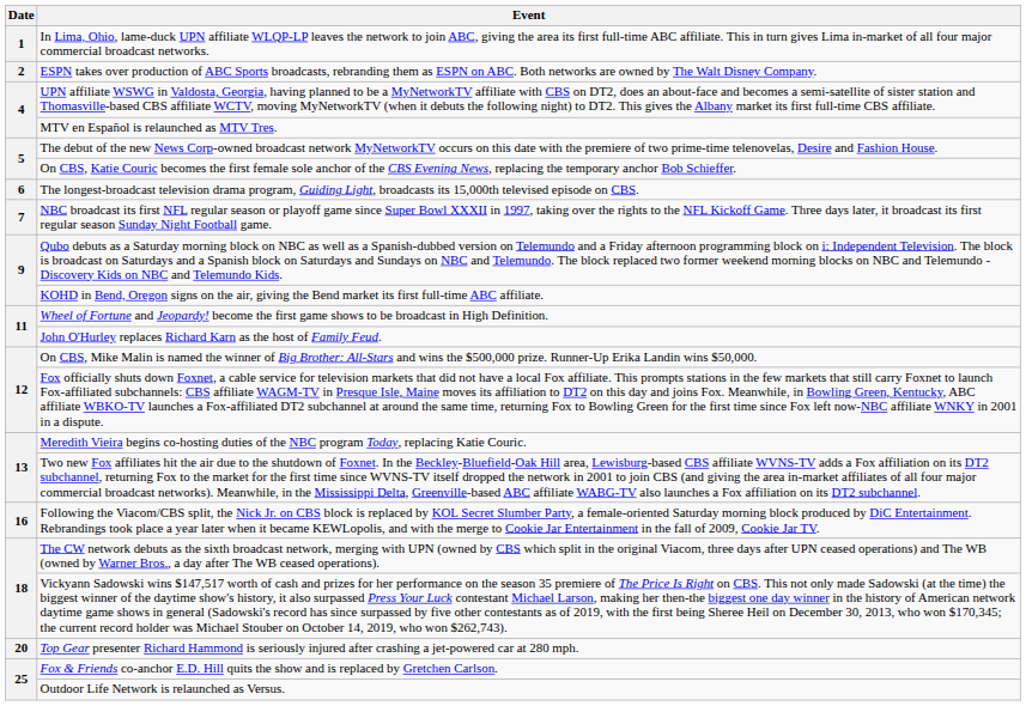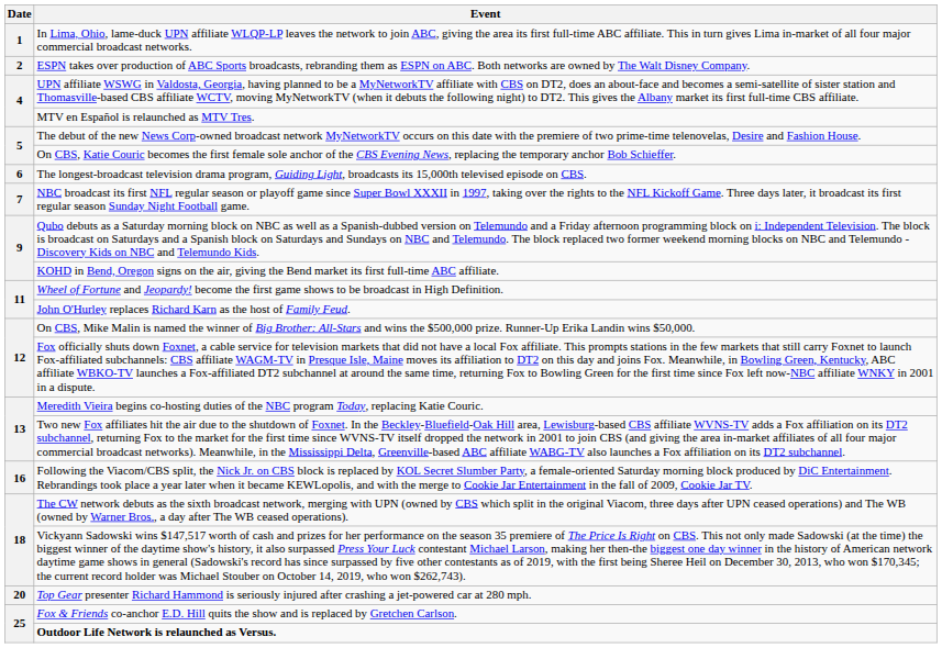 <table class="wikitable">
 <tr>
 <th>Date</th>
 <th>Event</th>
 </tr>
 <tr>
 <th>1</th>
 <td>In <a href='#'>Lima, Ohio</a>, lame-duck <a href='#'>UPN</a> affiliate <a href='#'>WLQP-LP</a> leaves the network to join <a href='#'>ABC</a>, giving the area its first full-time ABC affiliate. This in turn gives Lima in-market of all four major commercial broadcast networks.</td>
 </tr>
 <tr>
 <th>2</th>
 <td><a href='#'>ESPN</a> takes over production of <a href='#'>ABC Sports</a> broadcasts, rebranding them as <a href='#'>ESPN on ABC</a>. Both networks are owned by <a href='#'>The Walt Disney Company</a>.</td>
 </tr>
 <tr>
 <th rowspan="2">4</th>
 <td><a href='#'>UPN</a> affiliate <a href='#'>WSWG</a> in <a href='#'>Valdosta, Georgia</a>, having planned to be a <a href='#'>MyNetworkTV</a> affiliate with <a href='#'>CBS</a> on DT2, does an about-face and becomes a semi-satellite of sister station and <a href='#'>Thomasville</a>-based CBS affiliate <a href='#'>WCTV</a>, moving MyNetworkTV (when it debuts the following night) to DT2. This gives the <a href='#'>Albany</a> market its first full-time CBS affiliate.</td>
 </tr>
 <tr>
 <td>MTV en Español is relaunched as <a href='#'>MTV Tres</a>.</td>
 </tr>
 <tr>
 <th rowspan="2">5</th>
 <td>The debut of the new <a href='#'>News Corp</a>-owned broadcast network <a href='#'>MyNetworkTV</a> occurs on this date with the premiere of two prime-time telenovelas, <a href='#'>Desire</a> and <a href='#'>Fashion House</a>.</td>
 </tr>
 <tr>
 <td>On <a href='#'>CBS</a>, <a href='#'>Katie Couric</a> becomes the first female sole anchor of the <em><a href='#'>CBS Evening News</a></em>, replacing the temporary anchor <a href='#'>Bob Schieffer</a>.</td>
 </tr>
 <tr>
 <th>6</th>
 <td>The longest-broadcast television drama program, <em><a href='#'>Guiding Light</a></em>, broadcasts its 15,000th televised episode on <a href='#'>CBS</a>.</td>
 </tr>
 <tr>
 <th>7</th>
 <td><a href='#'>NBC</a> broadcast its first <a href='#'>NFL</a> regular season or playoff game since <a href='#'>Super Bowl XXXII</a> in <a href='#'>1997</a>, taking over the rights to the <a href='#'>NFL Kickoff Game</a>. Three days later, it broadcast its first regular season <a href='#'>Sunday Night Football</a> game.</td>
 </tr>
 <tr>
 <th rowspan="2">9</th>
 <td><a href='#'>Qubo</a> debuts as a Saturday morning block on NBC as well as a Spanish-dubbed version on <a href='#'>Telemundo</a> and a Friday afternoon programming block on <a href='#'>i: Independent Television</a>. The block is broadcast on Saturdays and a Spanish block on Saturdays and Sundays on <a href='#'>NBC</a> and <a href='#'>Telemundo</a>. The block replaced two former weekend morning blocks on NBC and Telemundo - <a href='#'>Discovery Kids on NBC</a> and <a href='#'>Telemundo Kids</a>.</td>
 </tr>
 <tr>
 <td><a href='#'>KOHD</a> in <a href='#'>Bend, Oregon</a> signs on the air, giving the Bend market its first full-time <a href='#'>ABC</a> affiliate.</td>
 </tr>
 <tr>
 <th rowspan="2">11</th>
 <td><em><a href='#'>Wheel of Fortune</a></em> and <em><a href='#'>Jeopardy!</a></em> become the first game shows to be broadcast in High Definition.</td>
 </tr>
 <tr>
 <td><a href='#'>John O'Hurley</a> replaces <a href='#'>Richard Karn</a> as the host of <em><a href='#'>Family Feud</a></em>.</td>
 </tr>
 <tr>
 <th rowspan="2">12</th>
 <td>On <a href='#'>CBS</a>, Mike Malin is named the winner of <em><a href='#'>Big Brother: All-Stars</a></em> and wins the $500,000 prize. Runner-Up Erika Landin wins $50,000.</td>
 </tr>
 <tr>
 <td><a href='#'>Fox</a> officially shuts down <a href='#'>Foxnet</a>, a cable service for television markets that did not have a local Fox affiliate. This prompts stations in the few markets that still carry Foxnet to launch Fox-affiliated subchannels: <a href='#'>CBS</a> affiliate <a href='#'>WAGM-TV</a> in <a href='#'>Presque Isle, Maine</a> moves its affiliation to <a href='#'>DT2</a> on this day and joins Fox. Meanwhile, in <a href='#'>Bowling Green, Kentucky</a>, ABC affiliate <a href='#'>WBKO-TV</a> launches a Fox-affiliated DT2 subchannel at around the same time, returning Fox to Bowling Green for the first time since Fox left now-<a href='#'>NBC</a> affiliate <a href='#'>WNKY</a> in 2001 in a dispute.</td>
 </tr>
 <tr>
 <th rowspan="2">13</th>
 <td><a href='#'>Meredith Vieira</a> begins co-hosting duties of the <a href='#'>NBC</a> program <em><a href='#'>Today</a></em>, replacing Katie Couric.</td>
 </tr>
 <tr>
 <td>Two new <a href='#'>Fox</a> affiliates hit the air due to the shutdown of <a href='#'>Foxnet</a>. In the <a href='#'>Beckley</a>-<a href='#'>Bluefield</a>-<a href='#'>Oak Hill</a> area, <a href='#'>Lewisburg</a>-based <a href='#'>CBS</a> affiliate <a href='#'>WVNS-TV</a> adds a Fox affiliation on its <a href='#'>DT2 subchannel</a>, returning Fox to the market for the first time since WVNS-TV itself dropped the network in 2001 to join CBS (and giving the area in-market affiliates of all four major commercial broadcast networks). Meanwhile, in the <a href='#'>Mississippi Delta</a>, <a href='#'>Greenville</a>-based <a href='#'>ABC</a> affiliate <a href='#'>WABG-TV</a> also launches a Fox affiliation on its <a href='#'>DT2 subchannel</a>.</td>
 </tr>
 <tr>
 <th>16</th>
 <td>Following the Viacom/CBS split, the <a href='#'>Nick Jr. on CBS</a> block is replaced by <a href='#'>KOL Secret Slumber Party</a>, a female-oriented Saturday morning block produced by <a href='#'>DiC Entertainment</a>. Rebrandings took place a year later when it became KEWLopolis, and with the merge to <a href='#'>Cookie Jar Entertainment</a> in the fall of 2009, <a href='#'>Cookie Jar TV</a>.</td>
 </tr>
 <tr>
 <th rowspan="2">18</th>
 <td><a href='#'>The CW</a> network debuts as the sixth broadcast network, merging with UPN (owned by <a href='#'>CBS</a> which split in the original Viacom, three days after UPN ceased operations) and The WB (owned by <a href='#'>Warner Bros.</a>, a day after The WB ceased operations).</td>
 </tr>
 <tr>
 <td>Vickyann Sadowski wins $147,517 worth of cash and prizes for her performance on the season 35 premiere of <em><a href='#'>The Price Is Right</a></em> on <a href='#'>CBS</a>. This not only made Sadowski (at the time) the biggest winner of the daytime show's history, it also surpassed <em><a href='#'>Press Your Luck</a></em> contestant <a href='#'>Michael Larson</a>, making her then-the <a href='#'>biggest one day winner</a> in the history of American network daytime game shows in general (Sadowski's record has since surpassed by five other contestants as of 2019, with the first being Sheree Heil on December 30, 2013, who won $170,345; the current record holder was Michael Stouber on October 14, 2019, who won $262,743).</td>
 </tr>
 <tr>
 <th>20</th>
 <td><em><a href='#'>Top Gear</a></em> presenter <a href='#'>Richard Hammond</a> is seriously injured after crashing a jet-powered car at 280 mph.</td>
 </tr>
 <tr>
 <th rowspan="2">25</th>
 <td><em><a href='#'>Fox & Friends</a></em> co-anchor <a href='#'>E.D. Hill</a> quits the show and is replaced by <a href='#'>Gretchen Carlson</a>.</td>
 </tr>
 <tr>
-<td>Outdoor Life Network is relaunched as Versus.</td>
+<td><strong>Outdoor Life Network is relaunched as Versus.</strong></td>
 </tr>
 </table>
